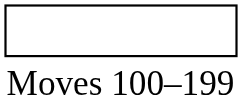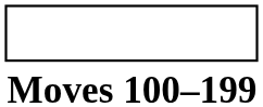 <table style="display:inline; display:inline-table;">
 <tr>
 <td style="border: solid thin; padding: 2px;"><br></td>
 </tr>
 <tr>
-<td style="text-align:center">Moves 100–199</td>
+<td style="text-align:center"><strong>Moves 100–199</strong></td>
 </tr>
 </table>
